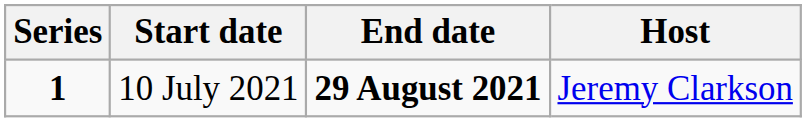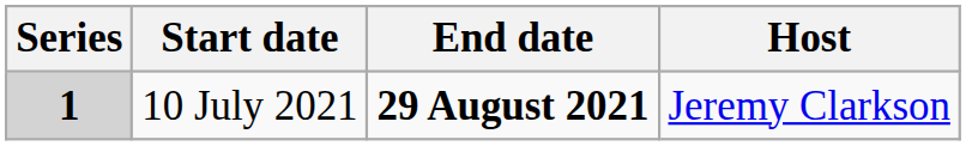 <table class="wikitable" style="text-align:center;">
 <tr>
 <th>Series</th>
 <th>Start date</th>
 <th>End date</th>
 <th>Host</th>
 </tr>
 <tr>
-<td style="text-align:center;"><strong>1</strong></td>
+<td style="background: lightgrey; text-align:center;"><strong>1</strong></td>
 <td>10 July 2021</td>
 <td><strong>29 August 2021</strong></td>
 <td rowspan=2><a href='#'>Jeremy Clarkson</a></td>
 </tr>
 </table>
